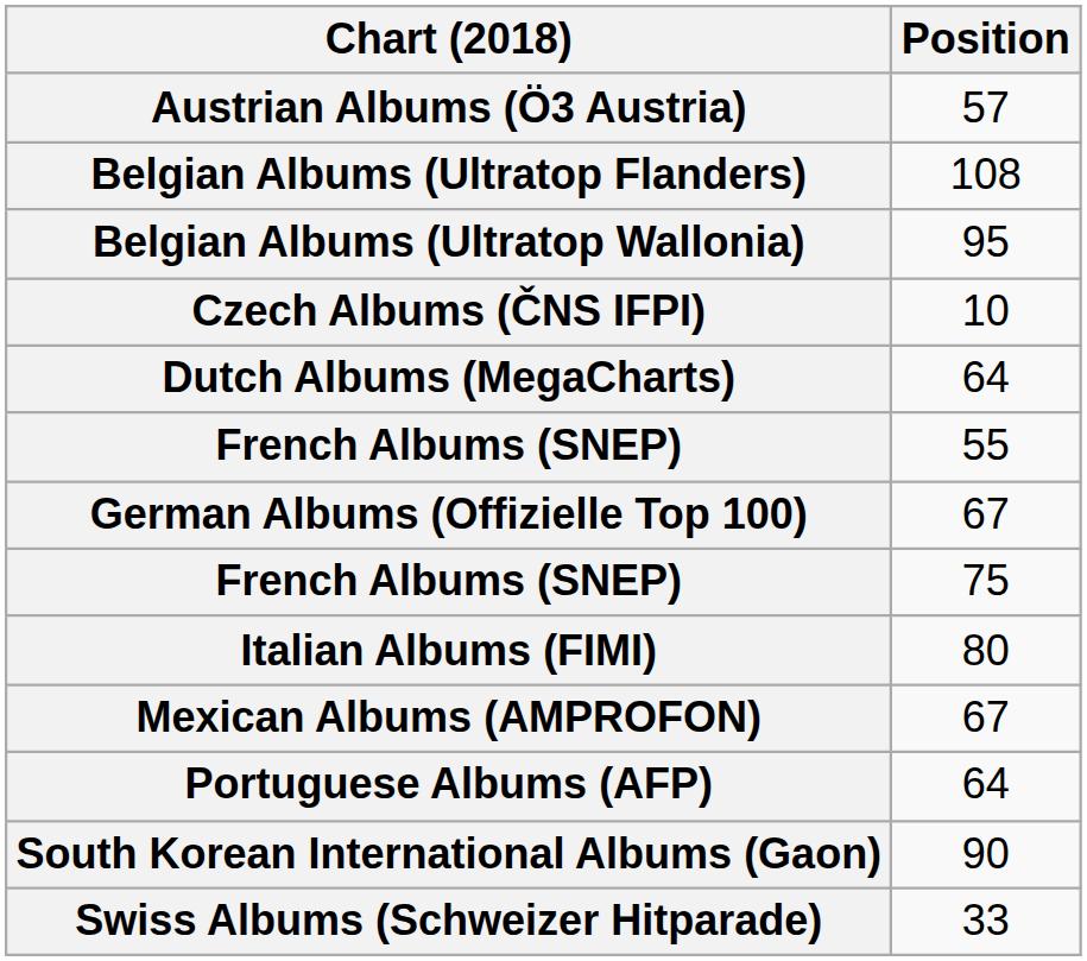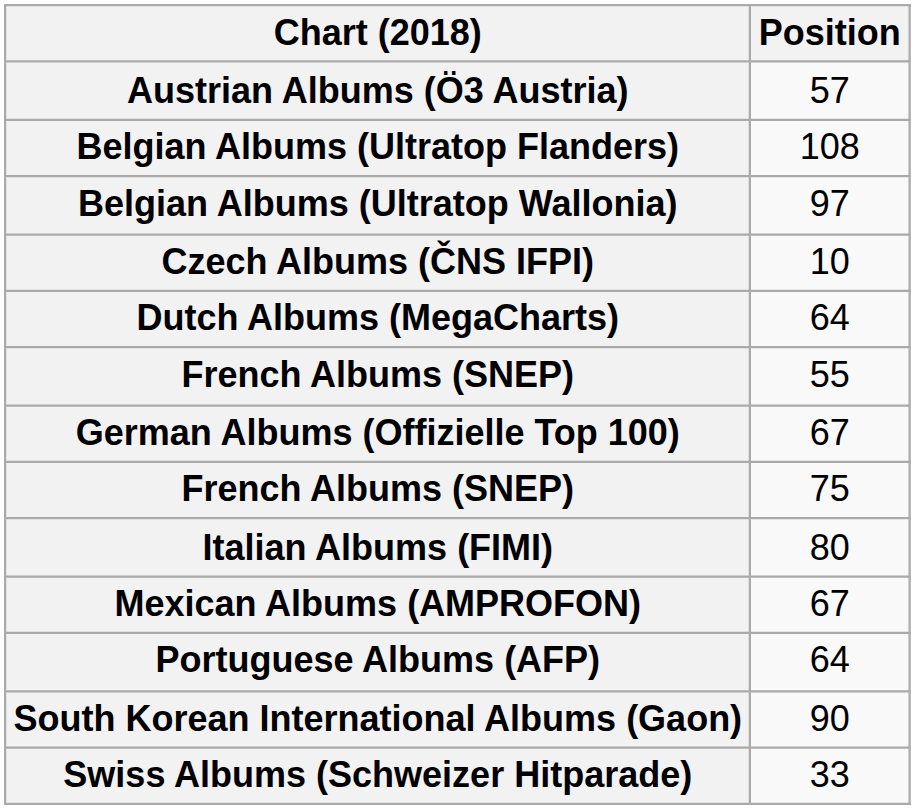 <table class="wikitable sortable plainrowheaders" style="text-align:center">
 <tr>
 <th scope="col">Chart (2018)</th>
 <th scope="col">Position</th>
 </tr>
 <tr>
 <th scope="row">Austrian Albums (Ö3 Austria)</th>
 <td>57</td>
 </tr>
 <tr>
 <th scope="row">Belgian Albums (Ultratop Flanders)</th>
 <td>108</td>
 </tr>
 <tr>
 <th scope="row">Belgian Albums (Ultratop Wallonia)</th>
-<td>95</td>
+<td>97</td>
 </tr>
 <tr>
 <th scope="row">Czech Albums (ČNS IFPI)</th>
 <td>10</td>
 </tr>
 <tr>
 <th scope="row">Dutch Albums (MegaCharts)</th>
 <td>64</td>
 </tr>
 <tr>
 <th scope="row">French Albums (SNEP)</th>
 <td>55</td>
 </tr>
 <tr>
 <th scope="row">German Albums (Offizielle Top 100)</th>
 <td>67</td>
 </tr>
 <tr>
 <th scope="row">French Albums (SNEP)</th>
 <td>75</td>
 </tr>
 <tr>
 <th scope="row">Italian Albums (FIMI)</th>
 <td>80</td>
 </tr>
 <tr>
 <th scope="row">Mexican Albums (AMPROFON)</th>
 <td>67</td>
 </tr>
 <tr>
 <th scope="row">Portuguese Albums (AFP)</th>
 <td>64</td>
 </tr>
 <tr>
 <th scope="row">South Korean International Albums (Gaon)</th>
 <td>90</td>
 </tr>
 <tr>
 <th scope="row">Swiss Albums (Schweizer Hitparade)</th>
 <td>33</td>
 </tr>
 </table>
